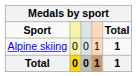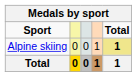 <table class="wikitable" style="font-size:85%; float:right;clear:right;margin-left:0.5em;">
 <tr style="background:#efefef;">
 <th colspan=5>Medals by sport</th>
 </tr>
 <tr align=center>
 <td><strong>Sport</strong></td>
 <td bgcolor=#f7f6a8></td>
 <td bgcolor=#dce5e5></td>
 <td bgcolor=#ffdab9></td>
 <td><strong>Total</strong></td>
 </tr>
 <tr align=center>
 <td><a href='#'>Alpine skiing</a></td>
 <td style="background:#F7F6A8;">0</td>
 <td style="background:#DCE5E5;">0</td>
 <td style="background:#FFDAB9;">1</td>
-<td><strong>1</strong></td>
+<td style="background: khaki;"><strong>1</strong></td>
 </tr>
 <tr align=center>
 <th>Total</th>
 <th style="background:gold;">0</th>
 <th style="background:silver;">0</th>
 <th style="background:#c96;">1</th>
 <th>1</th>
 </tr>
 </table>
